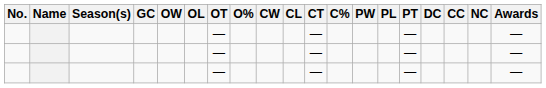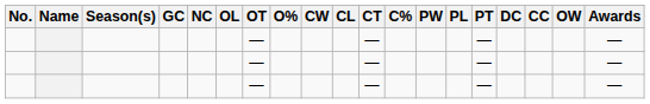 <table class="wikitable sortable" style="text-align:center">
 <tr>
 <th scope="col" class="unsortable">No.</th>
 <th scope="col">Name</th>
 <th scope="col">Season(s)</th>
 <th scope="col">GC</th>
-<th scope="col">OW</th>
+<th scope="col">NC</th>
 <th scope="col">OL</th>
 <th scope="col">OT</th>
 <th scope="col">O%</th>
 <th scope="col">CW</th>
 <th scope="col">CL</th>
 <th scope="col">CT</th>
 <th scope="col">C%</th>
 <th scope="col">PW</th>
 <th scope="col">PL</th>
 <th scope="col">PT</th>
 <th scope="col">DC</th>
 <th scope="col">CC</th>
-<th scope="col">NC</th>
+<th scope="col">OW</th>
 <th scope="col" class="unsortable">Awards</th>
 </tr>
 <tr>
 <td></td>
 <th scope="row"></th>
 <td></td>
 <td></td>
 <td></td>
 <td></td>
 <td>—</td>
 <td></td>
 <td></td>
 <td></td>
 <td>—</td>
 <td></td>
 <td></td>
 <td></td>
 <td>—</td>
 <td></td>
 <td></td>
 <td></td>
 <td>—</td>
 </tr>
 <tr>
 <td></td>
 <th scope="row"></th>
 <td></td>
 <td></td>
 <td></td>
 <td></td>
 <td>—</td>
 <td></td>
 <td></td>
 <td></td>
 <td>—</td>
 <td></td>
 <td></td>
 <td></td>
 <td>—</td>
 <td></td>
 <td></td>
 <td></td>
 <td>—</td>
 </tr>
 <tr>
 <td></td>
 <th scope="row"></th>
 <td></td>
 <td></td>
 <td></td>
 <td></td>
 <td>—</td>
 <td></td>
 <td></td>
 <td></td>
 <td>—</td>
 <td></td>
 <td></td>
 <td></td>
 <td>—</td>
 <td></td>
 <td></td>
 <td></td>
 <td>—</td>
 </tr>
 </table>
